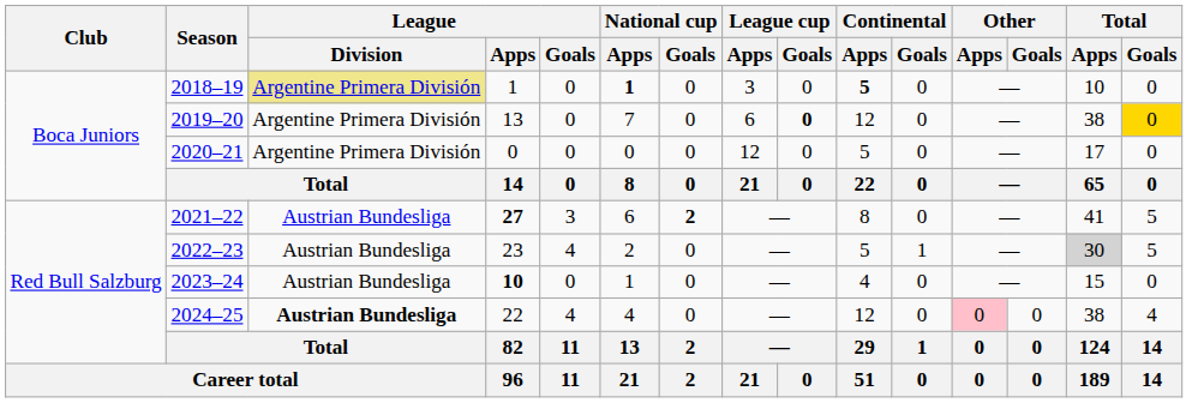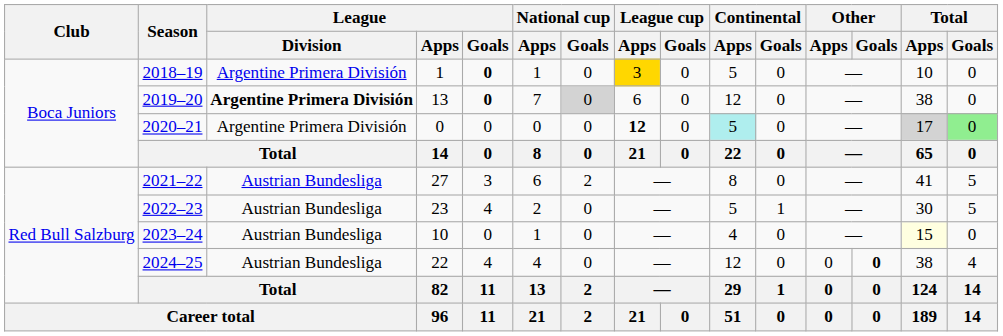 <table class="wikitable" style="text-align:center">
 <tr>
 <th rowspan="2">Club</th>
 <th rowspan="2">Season</th>
 <th colspan="3">League</th>
 <th colspan="2">National cup</th>
 <th colspan="2">League cup</th>
 <th colspan="2">Continental</th>
 <th colspan="2">Other</th>
 <th colspan="2">Total</th>
 </tr>
 <tr>
 <th>Division</th>
 <th>Apps</th>
 <th>Goals</th>
 <th>Apps</th>
 <th>Goals</th>
 <th>Apps</th>
 <th>Goals</th>
 <th>Apps</th>
 <th>Goals</th>
 <th>Apps</th>
 <th>Goals</th>
 <th>Apps</th>
 <th>Goals</th>
 </tr>
 <tr>
 <td rowspan="4"><a href='#'>Boca Juniors</a></td>
 <td><a href='#'>2018–19</a></td>
-<td style="background: khaki;"><a href='#'>Argentine Primera División</a></td>
+<td><a href='#'>Argentine Primera División</a></td>
+<td>1</td>
+<td><strong>0</strong></td>
 <td>1</td>
 <td>0</td>
-<td><strong>1</strong></td>
+<td style="background: gold;">3</td>
 <td>0</td>
-<td>3</td>
-<td>0</td>
-<td><strong>5</strong></td>
+<td>5</td>
 <td>0</td>
 <td colspan="2">—</td>
 <td>10</td>
 <td>0</td>
 </tr>
 <tr>
 <td><a href='#'>2019–20</a></td>
-<td>Argentine Primera División</td>
+<td><strong>Argentine Primera División</strong></td>
 <td>13</td>
+<td><strong>0</strong></td>
+<td>7</td>
+<td style="background: lightgrey;">0</td>
+<td>6</td>
 <td>0</td>
-<td>7</td>
-<td>0</td>
-<td>6</td>
-<td><strong>0</strong></td>
 <td>12</td>
 <td>0</td>
 <td colspan="2">—</td>
 <td>38</td>
-<td style="background: gold;">0</td>
+<td>0</td>
 </tr>
 <tr>
 <td><a href='#'>2020–21</a></td>
 <td>Argentine Primera División</td>
 <td>0</td>
 <td>0</td>
 <td>0</td>
 <td>0</td>
-<td>12</td>
+<td><strong>12</strong></td>
 <td>0</td>
-<td>5</td>
+<td style="background: paleturquoise;">5</td>
 <td>0</td>
 <td colspan="2">—</td>
-<td>17</td>
-<td>0</td>
+<td style="background: lightgrey;">17</td>
+<td style="background: lightgreen;">0</td>
 </tr>
 <tr>
 <th colspan="2">Total</th>
 <th>14</th>
 <th>0</th>
 <th>8</th>
 <th>0</th>
 <th>21</th>
 <th>0</th>
 <th>22</th>
 <th>0</th>
 <th colspan="2">—</th>
 <th>65</th>
 <th>0</th>
 </tr>
 <tr>
 <td rowspan="5"><a href='#'>Red Bull Salzburg</a></td>
 <td><a href='#'>2021–22</a></td>
 <td><a href='#'>Austrian Bundesliga</a></td>
-<td><strong>27</strong></td>
+<td>27</td>
 <td>3</td>
 <td>6</td>
-<td><strong>2</strong></td>
+<td>2</td>
 <td colspan="2">—</td>
 <td>8</td>
 <td>0</td>
 <td colspan="2">—</td>
 <td>41</td>
 <td>5</td>
 </tr>
 <tr>
 <td><a href='#'>2022–23</a></td>
 <td>Austrian Bundesliga</td>
 <td>23</td>
 <td>4</td>
 <td>2</td>
 <td>0</td>
 <td colspan="2">—</td>
 <td>5</td>
 <td>1</td>
 <td colspan="2">—</td>
-<td style="background: lightgrey;">30</td>
+<td>30</td>
 <td>5</td>
 </tr>
 <tr>
 <td><a href='#'>2023–24</a></td>
 <td>Austrian Bundesliga</td>
-<td><strong>10</strong></td>
+<td>10</td>
 <td>0</td>
 <td>1</td>
 <td>0</td>
 <td colspan="2">—</td>
 <td>4</td>
 <td>0</td>
 <td colspan="2">—</td>
-<td>15</td>
+<td style="background: lightyellow;">15</td>
 <td>0</td>
 </tr>
 <tr>
 <td><a href='#'>2024–25</a></td>
-<td><strong>Austrian Bundesliga</strong></td>
+<td>Austrian Bundesliga</td>
 <td>22</td>
 <td>4</td>
 <td>4</td>
 <td>0</td>
 <td colspan="2">—</td>
 <td>12</td>
 <td>0</td>
-<td style="background: pink;">0</td>
 <td>0</td>
+<td><strong>0</strong></td>
 <td>38</td>
 <td>4</td>
 </tr>
 <tr>
 <th colspan="2">Total</th>
 <th>82</th>
 <th>11</th>
 <th>13</th>
 <th>2</th>
 <th colspan="2">—</th>
 <th>29</th>
 <th>1</th>
 <th>0</th>
 <th>0</th>
 <th>124</th>
 <th>14</th>
 </tr>
 <tr>
 <th colspan="3">Career total</th>
 <th>96</th>
 <th>11</th>
 <th>21</th>
 <th>2</th>
 <th>21</th>
 <th>0</th>
 <th>51</th>
 <th>0</th>
 <th>0</th>
 <th>0</th>
 <th>189</th>
 <th>14</th>
 </tr>
 </table>
